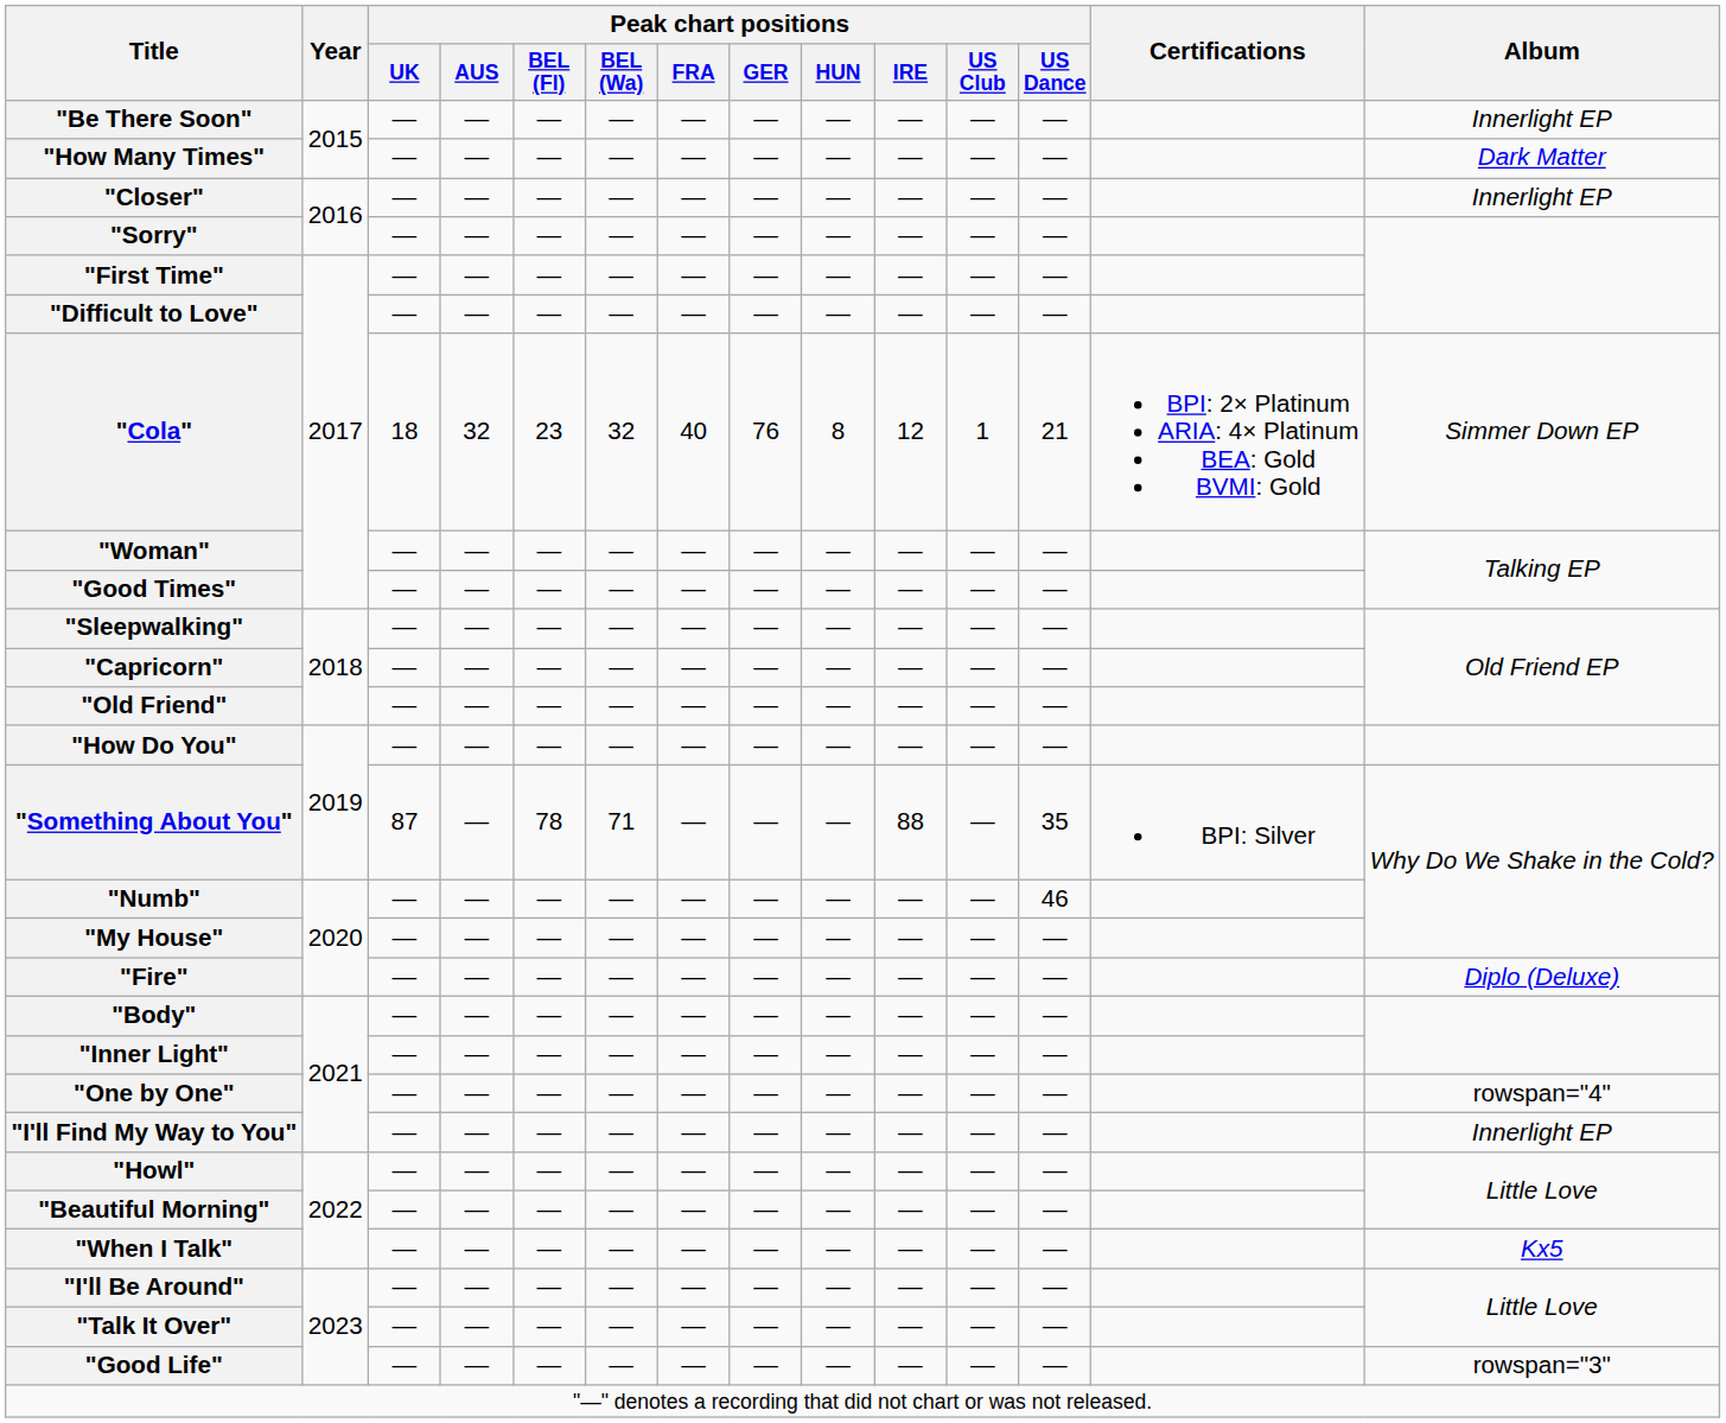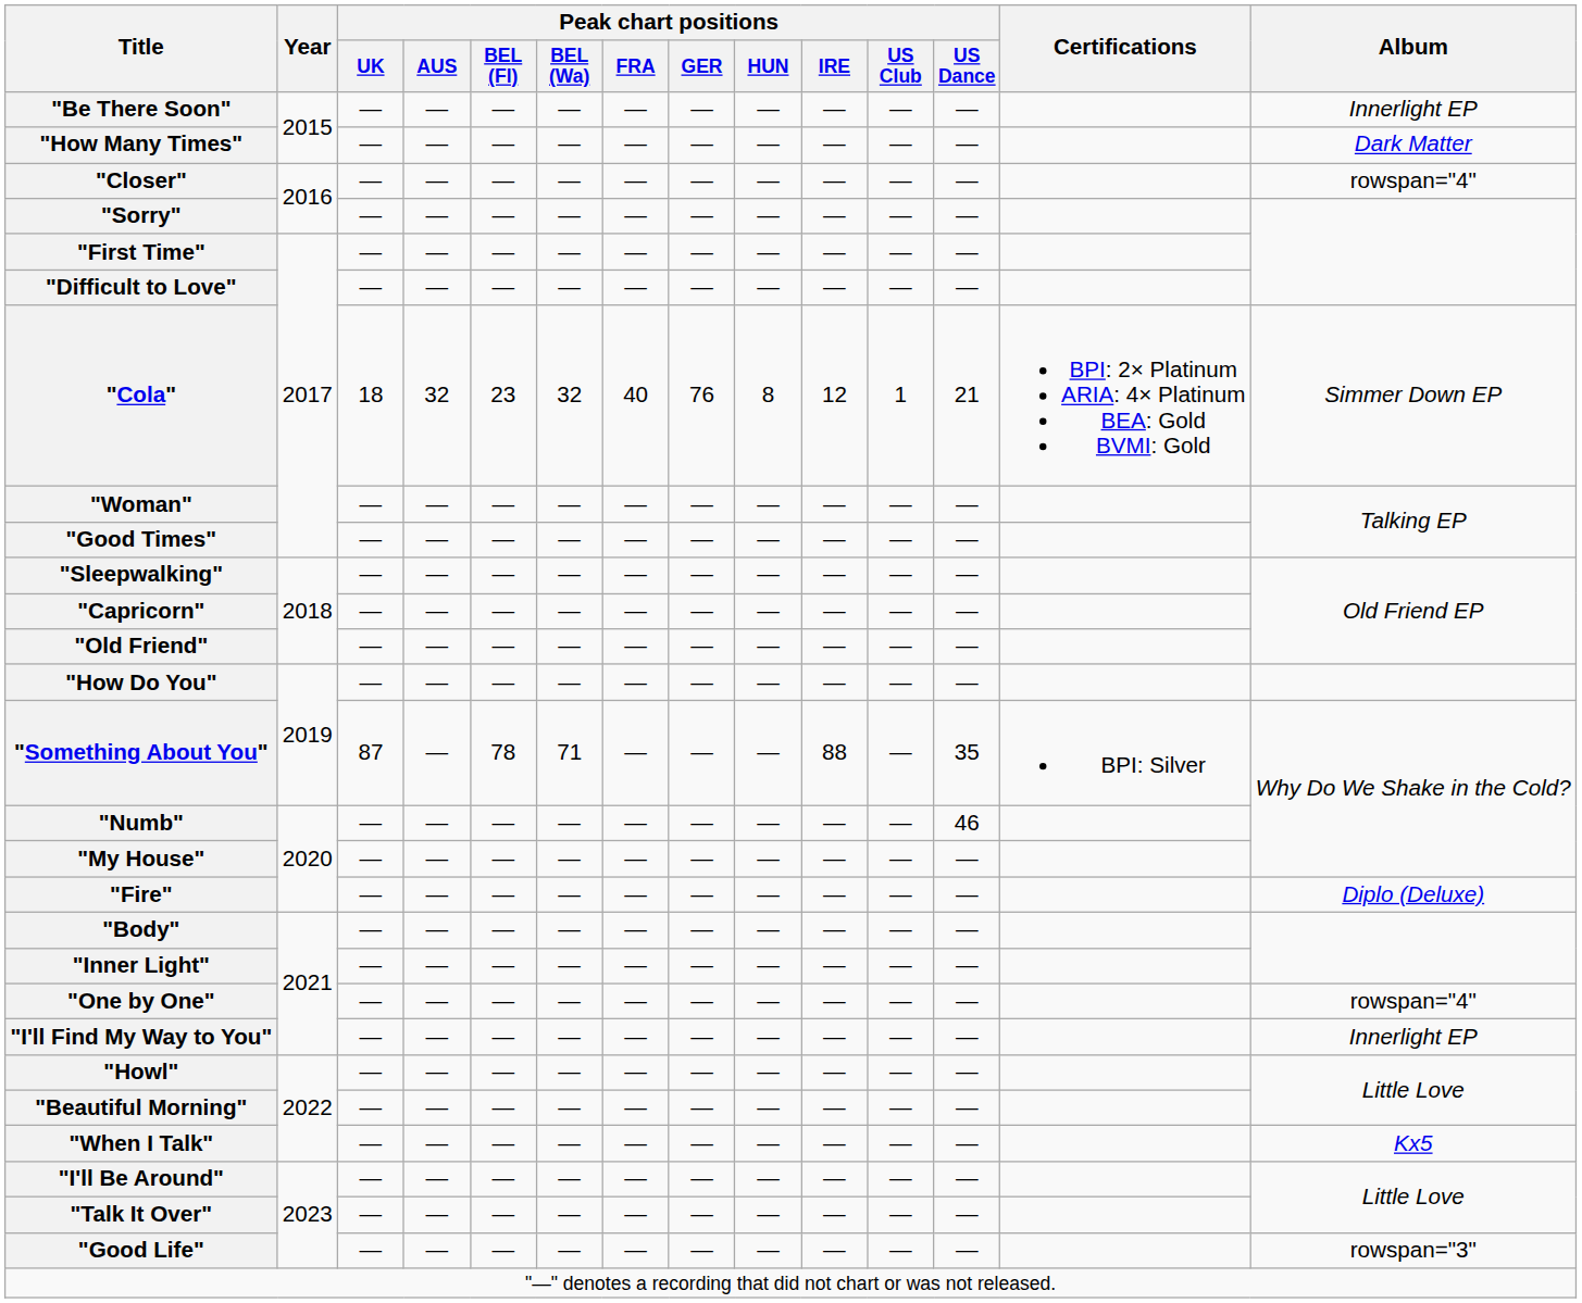 <table class="wikitable plainrowheaders" style="text-align:center;">
 <tr>
 <th scope="col" rowspan="2">Title</th>
 <th scope="col" rowspan="2">Year</th>
 <th scope="col" colspan="10">Peak chart positions</th>
 <th scope="col" rowspan="2">Certifications</th>
 <th scope="col" rowspan="2">Album</th>
 </tr>
 <tr>
 <th scope="col" style="width:3em;font-size:85%;"><a href='#'>UK</a><br></th>
 <th scope="col" style="width:3em;font-size:85%;"><a href='#'>AUS</a><br></th>
 <th scope="col" style="width:3em;font-size:85%;"><a href='#'>BEL<br>(Fl)</a><br></th>
 <th scope="col" style="width:3em;font-size:85%;"><a href='#'>BEL<br>(Wa)</a><br></th>
 <th scope="col" style="width:3em;font-size:85%;"><a href='#'>FRA</a><br></th>
 <th scope="col" style="width:3em;font-size:85%;"><a href='#'>GER</a><br></th>
 <th scope="col" style="width:3em;font-size:85%;"><a href='#'>HUN</a><br></th>
 <th scope="col" style="width:3em;font-size:85%;"><a href='#'>IRE</a><br></th>
 <th scope="col" style="width:3em;font-size:85%;"><a href='#'>US<br>Club</a><br></th>
 <th scope="col" style="width:3em;font-size:85%;"><a href='#'>US<br>Dance</a><br></th>
 </tr>
 <tr>
 <th scope="row">"Be There Soon"</th>
 <td rowspan="2">2015</td>
 <td>—</td>
 <td>—</td>
 <td>—</td>
 <td>—</td>
 <td>—</td>
 <td>—</td>
 <td>—</td>
 <td>—</td>
 <td>—</td>
 <td>—</td>
 <td></td>
 <td><em>Innerlight EP</em></td>
 </tr>
 <tr>
 <th scope="row">"How Many Times" <br></th>
 <td>—</td>
 <td>—</td>
 <td>—</td>
 <td>—</td>
 <td>—</td>
 <td>—</td>
 <td>—</td>
 <td>—</td>
 <td>—</td>
 <td>—</td>
 <td></td>
 <td><em><a href='#'>Dark Matter</a></em></td>
 </tr>
 <tr>
 <th scope="row">"Closer"</th>
 <td rowspan="2">2016</td>
 <td>—</td>
 <td>—</td>
 <td>—</td>
 <td>—</td>
 <td>—</td>
 <td>—</td>
 <td>—</td>
 <td>—</td>
 <td>—</td>
 <td>—</td>
 <td></td>
-<td><em>Innerlight EP</em></td>
+<td>rowspan="4" </td>
 </tr>
 <tr>
 <th scope="row">"Sorry"</th>
 <td>—</td>
 <td>—</td>
 <td>—</td>
 <td>—</td>
 <td>—</td>
 <td>—</td>
 <td>—</td>
 <td>—</td>
 <td>—</td>
 <td>—</td>
 <td></td>
 </tr>
 <tr>
 <th scope="row">"First Time"</th>
 <td rowspan="5">2017</td>
 <td>—</td>
 <td>—</td>
 <td>—</td>
 <td>—</td>
 <td>—</td>
 <td>—</td>
 <td>—</td>
 <td>—</td>
 <td>—</td>
 <td>—</td>
 <td></td>
 </tr>
 <tr>
 <th scope="row">"Difficult to Love"</th>
 <td>—</td>
 <td>—</td>
 <td>—</td>
 <td>—</td>
 <td>—</td>
 <td>—</td>
 <td>—</td>
 <td>—</td>
 <td>—</td>
 <td>—</td>
 <td></td>
 </tr>
 <tr>
 <th scope="row">"<a href='#'>Cola</a>"<br></th>
 <td>18</td>
 <td>32</td>
 <td>23</td>
 <td>32</td>
 <td>40</td>
 <td>76</td>
 <td>8</td>
 <td>12</td>
 <td>1</td>
 <td>21</td>
 <td><br><ul><li><a href='#'>BPI</a>: 2× Platinum</li><li><a href='#'>ARIA</a>: 4× Platinum</li><li><a href='#'>BEA</a>: Gold</li><li><a href='#'>BVMI</a>: Gold</li></ul></td>
 <td><em>Simmer Down EP</em></td>
 </tr>
 <tr>
 <th scope="row">"Woman"</th>
 <td>—</td>
 <td>—</td>
 <td>—</td>
 <td>—</td>
 <td>—</td>
 <td>—</td>
 <td>—</td>
 <td>—</td>
 <td>—</td>
 <td>—</td>
 <td></td>
 <td rowspan="2"><em>Talking EP</em></td>
 </tr>
 <tr>
 <th scope="row">"Good Times"</th>
 <td>—</td>
 <td>—</td>
 <td>—</td>
 <td>—</td>
 <td>—</td>
 <td>—</td>
 <td>—</td>
 <td>—</td>
 <td>—</td>
 <td>—</td>
 <td></td>
 </tr>
 <tr>
 <th scope="row">"Sleepwalking"</th>
 <td rowspan="3">2018</td>
 <td>—</td>
 <td>—</td>
 <td>—</td>
 <td>—</td>
 <td>—</td>
 <td>—</td>
 <td>—</td>
 <td>—</td>
 <td>—</td>
 <td>—</td>
 <td></td>
 <td rowspan="3"><em>Old Friend EP</em></td>
 </tr>
 <tr>
 <th scope="row">"Capricorn"</th>
 <td>—</td>
 <td>—</td>
 <td>—</td>
 <td>—</td>
 <td>—</td>
 <td>—</td>
 <td>—</td>
 <td>—</td>
 <td>—</td>
 <td>—</td>
 <td></td>
 </tr>
 <tr>
 <th scope="row">"Old Friend"</th>
 <td>—</td>
 <td>—</td>
 <td>—</td>
 <td>—</td>
 <td>—</td>
 <td>—</td>
 <td>—</td>
 <td>—</td>
 <td>—</td>
 <td>—</td>
 <td></td>
 </tr>
 <tr>
 <th scope="row">"How Do You"</th>
 <td rowspan="2">2019</td>
 <td>—</td>
 <td>—</td>
 <td>—</td>
 <td>—</td>
 <td>—</td>
 <td>—</td>
 <td>—</td>
 <td>—</td>
 <td>—</td>
 <td>—</td>
 <td></td>
 <td></td>
 </tr>
 <tr>
 <th scope="row">"<a href='#'>Something About You</a>" <br></th>
 <td>87</td>
 <td>—</td>
 <td>78</td>
 <td>71</td>
 <td>—</td>
 <td>—</td>
 <td>—</td>
 <td>88<br></td>
 <td>—</td>
 <td>35</td>
 <td><br><ul><li>BPI: Silver</li></ul></td>
 <td rowspan="3"><em>Why Do We Shake in the Cold?</em></td>
 </tr>
 <tr>
 <th scope="row">"Numb"</th>
 <td rowspan="3">2020</td>
 <td>—</td>
 <td>—</td>
 <td>—</td>
 <td>—</td>
 <td>—</td>
 <td>—</td>
 <td>—</td>
 <td>—</td>
 <td>—</td>
 <td>46</td>
 <td></td>
 </tr>
 <tr>
 <th scope="row">"My House"</th>
 <td>—</td>
 <td>—</td>
 <td>—</td>
 <td>—</td>
 <td>—</td>
 <td>—</td>
 <td>—</td>
 <td>—</td>
 <td>—</td>
 <td>—</td>
 <td></td>
 </tr>
 <tr>
 <th scope="row">"Fire" <br></th>
 <td>—</td>
 <td>—</td>
 <td>—</td>
 <td>—</td>
 <td>—</td>
 <td>—</td>
 <td>—</td>
 <td>—</td>
 <td>—</td>
 <td>—</td>
 <td></td>
 <td><em><a href='#'>Diplo (Deluxe)</a></em></td>
 </tr>
 <tr>
 <th scope="row">"Body"</th>
 <td rowspan="4">2021</td>
 <td>—</td>
 <td>—</td>
 <td>—</td>
 <td>—</td>
 <td>—</td>
 <td>—</td>
 <td>—</td>
 <td>—</td>
 <td>—</td>
 <td>—</td>
 <td></td>
 </tr>
 <tr>
 <th scope="row">"Inner Light" <br></th>
 <td>—</td>
 <td>—</td>
 <td>—</td>
 <td>—</td>
 <td>—</td>
 <td>—</td>
 <td>—</td>
 <td>—</td>
 <td>—</td>
 <td>—</td>
 <td></td>
 </tr>
 <tr>
 <th scope="row">"One by One"<br></th>
 <td>—</td>
 <td>—</td>
 <td>—</td>
 <td>—</td>
 <td>—</td>
 <td>—</td>
 <td>—</td>
 <td>—</td>
 <td>—</td>
 <td>—</td>
 <td></td>
 <td>rowspan="4" </td>
 </tr>
 <tr>
 <th scope="row">"I'll Find My Way to You"<br></th>
 <td>—</td>
 <td>—</td>
 <td>—</td>
 <td>—</td>
 <td>—</td>
 <td>—</td>
 <td>—</td>
 <td>—</td>
 <td>—</td>
 <td>—</td>
 <td></td>
 <td><em>Innerlight EP</em></td>
 </tr>
 <tr>
 <th scope="row">"Howl"<br></th>
 <td rowspan="3">2022</td>
 <td>—</td>
 <td>—</td>
 <td>—</td>
 <td>—</td>
 <td>—</td>
 <td>—</td>
 <td>—</td>
 <td>—</td>
 <td>—</td>
 <td>—</td>
 <td></td>
 <td rowspan="2"><em>Little Love</em></td>
 </tr>
 <tr>
 <th scope="row">"Beautiful Morning"</th>
 <td>—</td>
 <td>—</td>
 <td>—</td>
 <td>—</td>
 <td>—</td>
 <td>—</td>
 <td>—</td>
 <td>—</td>
 <td>—</td>
 <td>—</td>
 <td></td>
 </tr>
 <tr>
 <th scope="row">"When I Talk"<br></th>
 <td>—</td>
 <td>—</td>
 <td>—</td>
 <td>—</td>
 <td>—</td>
 <td>—</td>
 <td>—</td>
 <td>—</td>
 <td>—</td>
 <td>—</td>
 <td></td>
 <td><em><a href='#'>Kx5</a></em></td>
 </tr>
 <tr>
 <th scope="row">"I'll Be Around"<br></th>
 <td rowspan="3">2023</td>
 <td>—</td>
 <td>—</td>
 <td>—</td>
 <td>—</td>
 <td>—</td>
 <td>—</td>
 <td>—</td>
 <td>—</td>
 <td>—</td>
 <td>—</td>
 <td></td>
 <td rowspan="2"><em>Little Love</em></td>
 </tr>
 <tr>
 <th scope="row">"Talk It Over"<br></th>
 <td>—</td>
 <td>—</td>
 <td>—</td>
 <td>—</td>
 <td>—</td>
 <td>—</td>
 <td>—</td>
 <td>—</td>
 <td>—</td>
 <td>—</td>
 <td></td>
 </tr>
 <tr>
 <th scope="row">"Good Life"<br></th>
 <td>—</td>
 <td>—</td>
 <td>—</td>
 <td>—</td>
 <td>—</td>
 <td>—</td>
 <td>—</td>
 <td>—</td>
 <td>—</td>
 <td>—</td>
 <td></td>
 <td>rowspan="3" </td>
 </tr>
 <tr>
 <td colspan="14" style="font-size:85%">"—" denotes a recording that did not chart or was not released.</td>
 </tr>
 </table>
